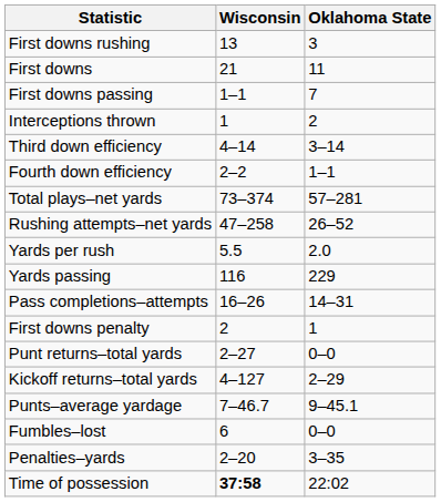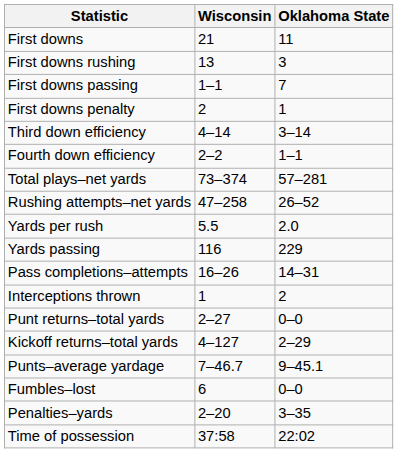 <table class="wikitable">
 <tr>
 <th>Statistic</th>
 <th><strong>Wisconsin</strong></th>
 <th><strong>Oklahoma State</strong></th>
 </tr>
 <tr>
+<td>First downs</td>
+<td>21</td>
+<td>11</td>
+</tr>
+<tr>
 <td>First downs rushing</td>
 <td>13</td>
 <td>3</td>
-</tr>
-<tr>
-<td>First downs</td>
-<td>21</td>
-<td>11</td>
 </tr>
 <tr>
 <td>First downs passing</td>
 <td>1–1</td>
 <td>7</td>
 </tr>
 <tr>
-<td>Interceptions thrown</td>
+<td>First downs penalty</td>
+<td>2</td>
 <td>1</td>
-<td>2</td>
 </tr>
 <tr>
 <td>Third down efficiency</td>
 <td>4–14</td>
 <td>3–14</td>
 </tr>
 <tr>
 <td>Fourth down efficiency</td>
 <td>2–2</td>
 <td>1–1</td>
 </tr>
 <tr>
 <td>Total plays–net yards</td>
 <td>73–374</td>
 <td>57–281</td>
 </tr>
 <tr>
 <td>Rushing attempts–net yards</td>
 <td>47–258</td>
 <td>26–52</td>
 </tr>
 <tr>
 <td>Yards per rush</td>
 <td>5.5</td>
 <td>2.0</td>
 </tr>
 <tr>
 <td>Yards passing</td>
 <td>116</td>
 <td>229</td>
 </tr>
 <tr>
 <td>Pass completions–attempts</td>
 <td>16–26</td>
 <td>14–31</td>
 </tr>
 <tr>
-<td>First downs penalty</td>
+<td>Interceptions thrown</td>
+<td>1</td>
 <td>2</td>
-<td>1</td>
 </tr>
 <tr>
 <td>Punt returns–total yards</td>
 <td>2–27</td>
 <td>0–0</td>
 </tr>
 <tr>
 <td>Kickoff returns–total yards</td>
 <td>4–127</td>
 <td>2–29</td>
 </tr>
 <tr>
 <td>Punts–average yardage</td>
 <td>7–46.7</td>
 <td>9–45.1</td>
 </tr>
 <tr>
 <td>Fumbles–lost</td>
 <td>6</td>
 <td>0–0</td>
 </tr>
 <tr>
 <td>Penalties–yards</td>
 <td>2–20</td>
 <td>3–35</td>
 </tr>
 <tr>
 <td>Time of possession</td>
-<td><strong>37:58</strong></td>
+<td>37:58</td>
 <td>22:02</td>
 </tr>
 </table>
